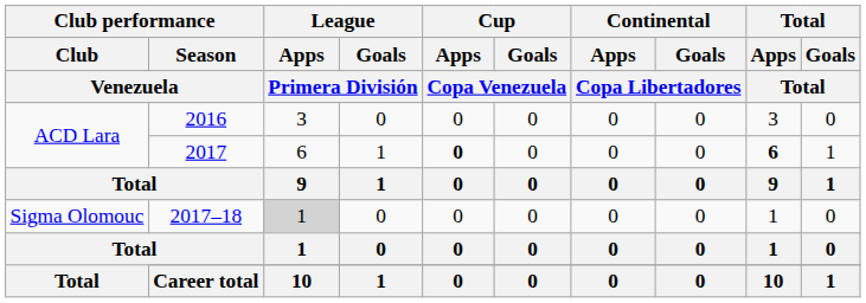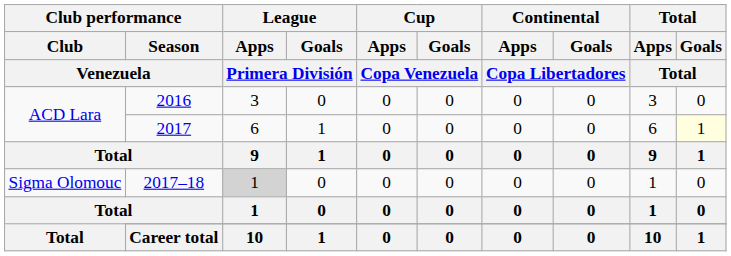 <table class="wikitable" style="text-align:center">
 <tr>
 <th colspan=3>Club performance</th>
 <th colspan=2>League</th>
 <th colspan=2>Cup</th>
 <th colspan=2>Continental</th>
 <th colspan=2>Total</th>
 </tr>
 <tr>
 <th>Club</th>
 <th colspan="2">Season</th>
 <th>Apps</th>
 <th>Goals</th>
 <th>Apps</th>
 <th>Goals</th>
 <th>Apps</th>
 <th>Goals</th>
 <th>Apps</th>
 <th>Goals</th>
 </tr>
 <tr>
 <th colspan=3>Venezuela</th>
 <th colspan=2><a href='#'>Primera División</a></th>
 <th colspan=2><a href='#'>Copa Venezuela</a></th>
 <th colspan=2><a href='#'>Copa Libertadores</a></th>
 <th colspan=2>Total</th>
 </tr>
 <tr>
 <td rowspan="2"><a href='#'>ACD Lara</a></td>
 <td colspan="2"><a href='#'>2016</a></td>
 <td>3</td>
 <td>0</td>
 <td>0</td>
 <td>0</td>
 <td>0</td>
 <td>0</td>
 <td>3</td>
 <td>0</td>
 </tr>
 <tr>
 <td colspan="2"><a href='#'>2017</a></td>
 <td>6</td>
 <td>1</td>
-<td><strong>0</strong></td>
 <td>0</td>
 <td>0</td>
 <td>0</td>
-<td><strong>6</strong></td>
-<td>1</td>
+<td>0</td>
+<td>6</td>
+<td style="background: lightyellow;">1</td>
 </tr>
 <tr>
 <th colspan="3">Total</th>
 <th>9</th>
 <th>1</th>
 <th>0</th>
 <th>0</th>
 <th>0</th>
 <th>0</th>
 <th>9</th>
 <th>1</th>
 </tr>
 <tr>
 <td rowspan="1"><a href='#'>Sigma Olomouc</a></td>
 <td colspan="2"><a href='#'>2017–18</a></td>
 <td style="background: lightgrey;">1</td>
 <td>0</td>
 <td>0</td>
 <td>0</td>
 <td>0</td>
 <td>0</td>
 <td>1</td>
 <td>0</td>
 </tr>
 <tr>
 <th colspan="3">Total</th>
 <th>1</th>
 <th>0</th>
 <th>0</th>
 <th>0</th>
 <th>0</th>
 <th>0</th>
 <th>1</th>
 <th>0</th>
 </tr>
 <tr>
 <th rowspan=2>Total</th>
 </tr>
 <tr>
 <th colspan=2>Career total</th>
 <th>10</th>
 <th>1</th>
 <th>0</th>
 <th>0</th>
 <th>0</th>
 <th>0</th>
 <th>10</th>
 <th>1</th>
 </tr>
 </table>
